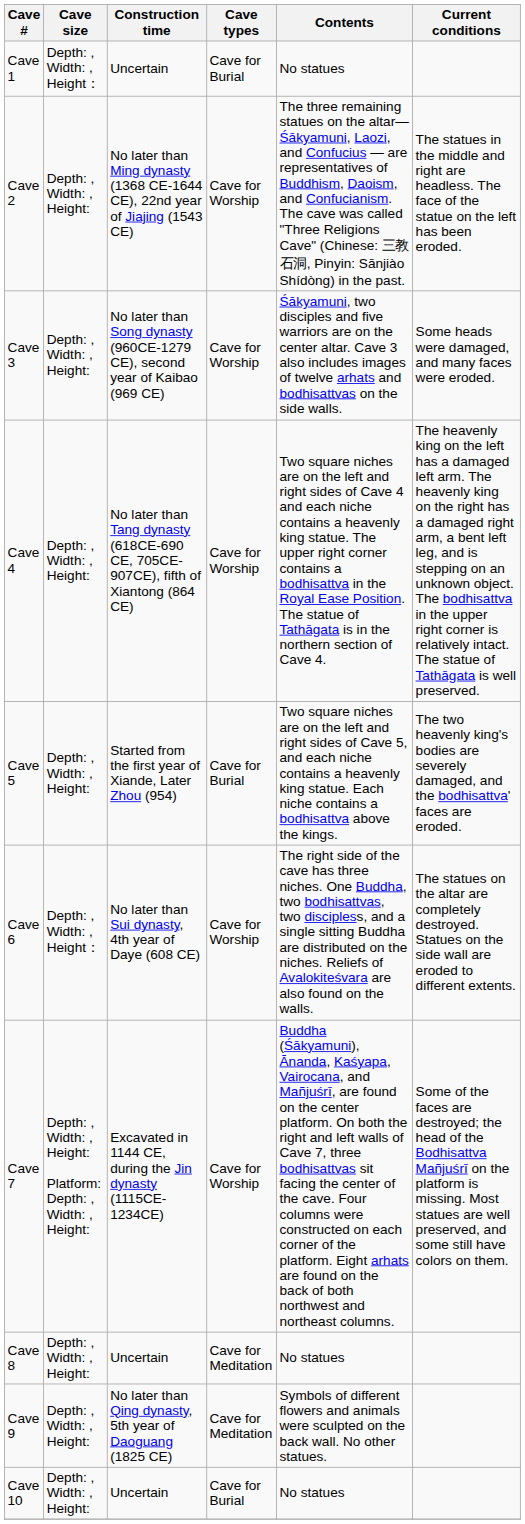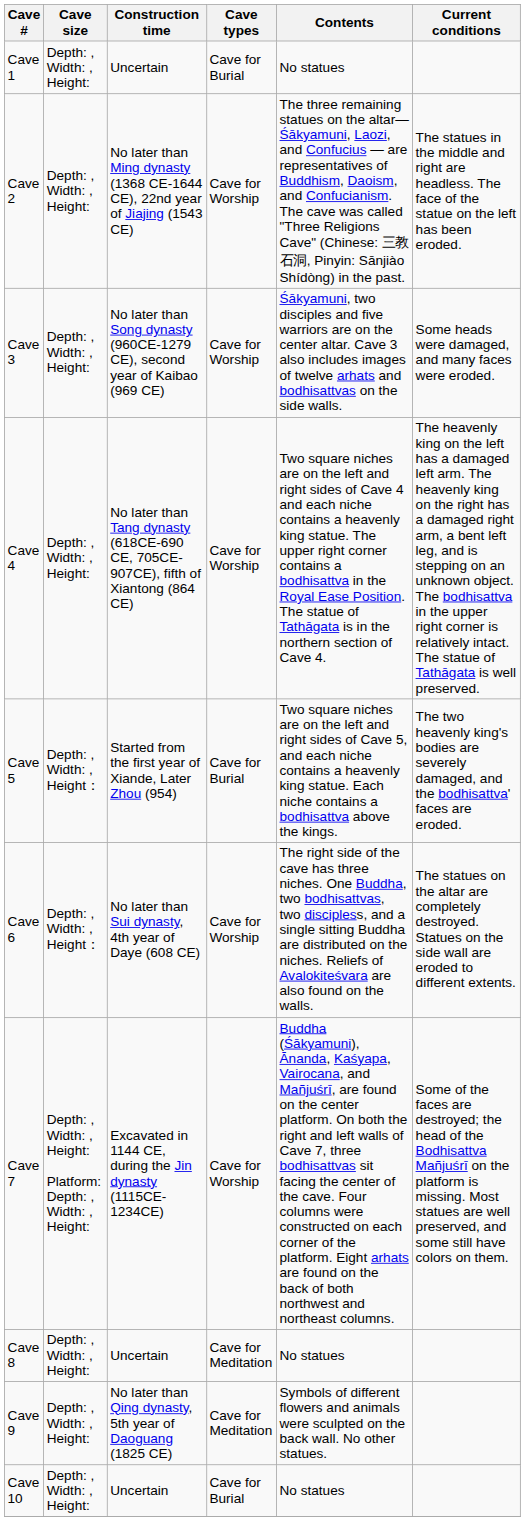 <table class="wikitable">
 <tr>
 <th>Cave #</th>
 <th>Cave size</th>
 <th>Construction time</th>
 <th>Cave types</th>
 <th>Contents</th>
 <th>Current conditions</th>
 </tr>
 <tr>
 <td>Cave 1</td>
-<td>Depth: , Width: , Height：</td>
+<td>Depth: , Width: , Height: </td>
 <td>Uncertain</td>
 <td>Cave for Burial</td>
 <td>No statues</td>
 <td></td>
 </tr>
 <tr>
 <td>Cave 2</td>
 <td>Depth: , Width: , Height: </td>
 <td>No later than <a href='#'>Ming dynasty</a> (1368 CE-1644 CE), 22nd year of <a href='#'>Jiajing</a> (1543 CE)</td>
 <td>Cave for Worship</td>
 <td>The three remaining statues on the altar—<a href='#'>Śākyamuni</a>, <a href='#'>Laozi</a>, and <a href='#'>Confucius</a> — are representatives of <a href='#'>Buddhism</a>, <a href='#'>Daoism</a>, and <a href='#'>Confucianism</a>. The cave was called "Three Religions Cave" (Chinese: 三教石洞, Pinyin: Sānjiào Shídòng) in the past.</td>
 <td>The statues in the middle and right are headless. The face of the statue on the left has been eroded.</td>
 </tr>
 <tr>
 <td>Cave 3</td>
 <td>Depth: , Width: , Height: </td>
 <td>No later than <a href='#'>Song dynasty</a> (960CE-1279 CE), second year of Kaibao (969 CE)</td>
 <td>Cave for Worship</td>
 <td><a href='#'>Śākyamuni</a>, two disciples and five warriors are on the center altar. Cave 3 also includes images of twelve <a href='#'>arhats</a> and <a href='#'>bodhisattvas</a> on the side walls.</td>
 <td>Some heads were damaged, and many faces were eroded.</td>
 </tr>
 <tr>
 <td>Cave 4</td>
 <td>Depth: , Width: , Height: </td>
 <td>No later than <a href='#'>Tang dynasty</a> (618CE-690 CE, 705CE-907CE), fifth of Xiantong (864 CE)</td>
 <td>Cave for Worship</td>
 <td>Two square niches are on the left and right sides of Cave 4 and each niche contains a heavenly king statue. The upper right corner contains a <a href='#'>bodhisattva</a> in the <a href='#'>Royal Ease Position</a>. The statue of <a href='#'>Tathāgata</a> is in the northern section of Cave 4.</td>
 <td>The heavenly king on the left has a damaged left arm. The heavenly king on the right has a damaged right arm, a bent left leg, and is stepping on an unknown object. The <a href='#'>bodhisattva</a> in the upper right corner is relatively intact. The statue of <a href='#'>Tathāgata</a> is well preserved.</td>
 </tr>
 <tr>
 <td>Cave 5</td>
-<td>Depth: , Width: , Height: </td>
+<td>Depth: , Width: , Height：</td>
 <td>Started from the first year of Xiande, Later <a href='#'>Zhou</a> (954)</td>
 <td>Cave for Burial</td>
 <td>Two square niches are on the left and right sides of Cave 5, and each niche contains a heavenly king statue. Each niche contains a <a href='#'>bodhisattva</a> above the kings.</td>
 <td>The two heavenly king's bodies are severely damaged, and the <a href='#'>bodhisattva</a>' faces are eroded.</td>
 </tr>
 <tr>
 <td>Cave 6</td>
 <td>Depth: , Width: , Height：</td>
 <td>No later than <a href='#'>Sui dynasty</a>, 4th year of Daye (608 CE)</td>
 <td>Cave for Worship</td>
 <td>The right side of the cave has three niches. One <a href='#'>Buddha</a>, two <a href='#'>bodhisattvas</a>, two <a href='#'>disciples</a>s, and a single sitting Buddha are distributed on the niches. Reliefs of <a href='#'>Avalokiteśvara</a> are also found on the walls.</td>
 <td>The statues on the altar are completely destroyed. Statues on the side wall are eroded to different extents.</td>
 </tr>
 <tr>
 <td>Cave 7</td>
 <td>Depth: , Width: , Height: <br><br> Platform:  Depth: , Width: , Height: </td>
 <td>Excavated in 1144 CE, during the <a href='#'>Jin dynasty</a> (1115CE-1234CE)</td>
 <td>Cave for Worship</td>
 <td><a href='#'>Buddha</a> (<a href='#'>Śākyamuni</a>), <a href='#'>Ānanda</a>, <a href='#'>Kaśyapa</a>, <a href='#'>Vairocana</a>, and <a href='#'>Mañjuśrī</a>, are found on the center platform. On both the right and left walls of Cave 7, three <a href='#'>bodhisattvas</a> sit facing the center of the cave. Four columns were constructed on each corner of the platform. Eight <a href='#'>arhats</a> are found on the back of both northwest and northeast columns.</td>
 <td>Some of the faces are destroyed; the head of the <a href='#'>Bodhisattva</a> <a href='#'>Mañjuśrī</a> on the platform is missing. Most statues are well preserved, and some still have colors on them.</td>
 </tr>
 <tr>
 <td>Cave 8</td>
 <td>Depth: , Width: , Height: </td>
 <td>Uncertain</td>
 <td>Cave for Meditation</td>
 <td>No statues</td>
 <td></td>
 </tr>
 <tr>
 <td>Cave 9</td>
 <td>Depth: , Width: , Height: </td>
 <td>No later than <a href='#'>Qing dynasty</a>, 5th year of <a href='#'>Daoguang</a> (1825 CE)</td>
 <td>Cave for Meditation</td>
 <td>Symbols of different flowers and animals were sculpted on the back wall. No other statues.</td>
 <td></td>
 </tr>
 <tr>
 <td>Cave 10</td>
 <td>Depth: , Width: , Height: </td>
 <td>Uncertain</td>
 <td>Cave for Burial</td>
 <td>No statues</td>
 <td></td>
 </tr>
 <tr>
 </tr>
 </table>
